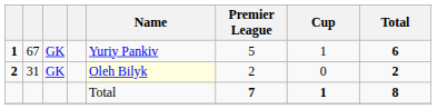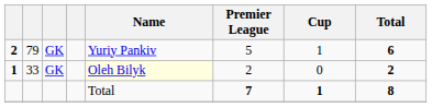 <table class="wikitable" style="text-align:center">
 <tr>
 <th width=15></th>
 <th width=15></th>
 <th width=15></th>
 <th width=15></th>
 <th width=150>Name</th>
 <th width=80><strong>Premier League</strong></th>
 <th width=80><strong>Cup</strong></th>
 <th width=80>Total</th>
 </tr>
 <tr>
-<td><strong>1</strong></td>
-<td>67</td>
+<td><strong>2</strong></td>
+<td>79</td>
 <td><a href='#'>GK</a></td>
 <td></td>
 <td align=left><a href='#'>Yuriy Pankiv</a></td>
 <td>5</td>
 <td>1</td>
 <td><strong>6</strong></td>
 </tr>
 <tr>
-<td><strong>2</strong></td>
-<td>31</td>
+<td><strong>1</strong></td>
+<td>33</td>
 <td><a href='#'>GK</a></td>
 <td></td>
 <td align=left style="background: lightyellow;"><a href='#'>Oleh Bilyk</a></td>
 <td>2</td>
 <td>0</td>
 <td><strong>2</strong></td>
 </tr>
 <tr>
 <td></td>
 <td></td>
 <td></td>
 <td></td>
 <td align=left>Total</td>
 <td><strong>7</strong></td>
 <td><strong>1</strong></td>
 <td><strong>8</strong></td>
 </tr>
 <tr>
 </tr>
 </table>
